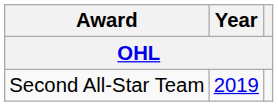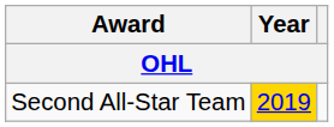 <table class="wikitable">
 <tr>
 <th>Award</th>
 <th>Year</th>
 <th></th>
 </tr>
 <tr>
 <th colspan="3"><a href='#'>OHL</a></th>
 </tr>
 <tr>
 <td>Second All-Star Team</td>
-<td><a href='#'>2019</a></td>
+<td style="background: gold;"><a href='#'>2019</a></td>
 <td></td>
 </tr>
 </table>
